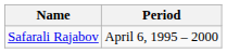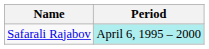 <table class="wikitable">
 <tr>
 <th>Name</th>
 <th>Period</th>
 </tr>
 <tr>
 <td><a href='#'>Safarali Rajabov</a></td>
-<td>April 6, 1995 – 2000</td>
+<td style="background: paleturquoise;">April 6, 1995 – 2000</td>
 </tr>
 </table>
